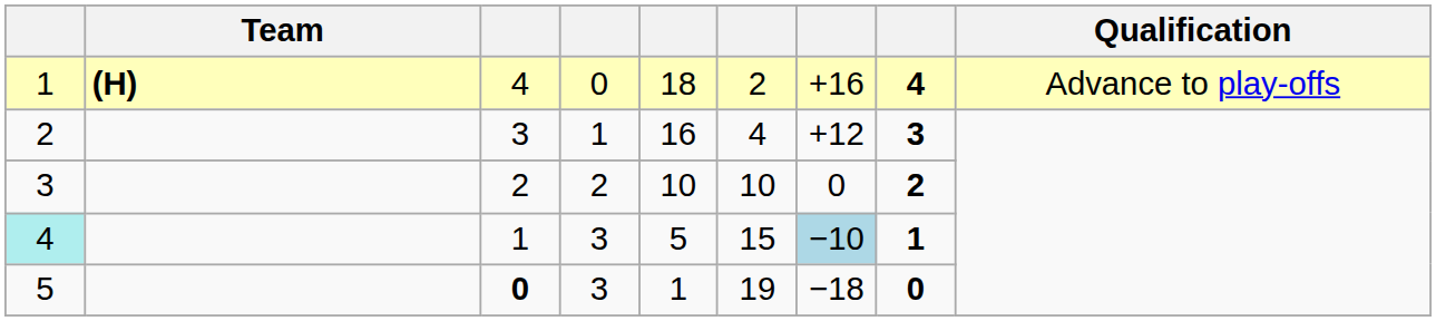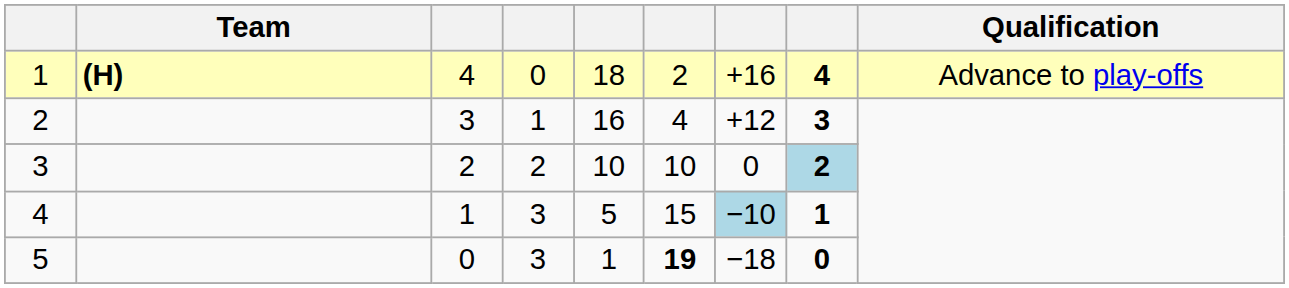 <table class="wikitable" style="text-align:center" width="700">
 <tr>
 <th width="5%"></th>
 <th width="25%">Team</th>
 <th width="5%"></th>
 <th width="5%"></th>
 <th width="5%"></th>
 <th width="5%"></th>
 <th width="5%"></th>
 <th width="5%"></th>
 <th width="30%">Qualification</th>
 </tr>
 <tr bgcolor=#ffffbb>
 <td>1</td>
 <td style="text-align:left"> <strong>(H)</strong></td>
 <td>4</td>
 <td>0</td>
 <td>18</td>
 <td>2</td>
 <td>+16</td>
 <td><strong>4</strong></td>
 <td>Advance to <a href='#'>play-offs</a></td>
 </tr>
 <tr>
 <td>2</td>
 <td style="text-align:left"></td>
 <td>3</td>
 <td>1</td>
 <td>16</td>
 <td>4</td>
 <td>+12</td>
 <td><strong>3</strong></td>
 <td rowspan="4"></td>
 </tr>
 <tr>
 <td>3</td>
 <td style="text-align:left"></td>
 <td>2</td>
 <td>2</td>
 <td>10</td>
 <td>10</td>
 <td>0</td>
-<td><strong>2</strong></td>
+<td style="background: lightblue;"><strong>2</strong></td>
 </tr>
 <tr>
-<td style="background: paleturquoise;">4</td>
+<td>4</td>
 <td style="text-align:left"></td>
 <td>1</td>
 <td>3</td>
 <td>5</td>
 <td>15</td>
 <td style="background: lightblue;">−10</td>
 <td><strong>1</strong></td>
 </tr>
 <tr>
 <td>5</td>
 <td style="text-align:left"></td>
-<td><strong>0</strong></td>
+<td>0</td>
 <td>3</td>
 <td>1</td>
-<td>19</td>
+<td><strong>19</strong></td>
 <td>−18</td>
 <td><strong>0</strong></td>
 </tr>
 </table>
